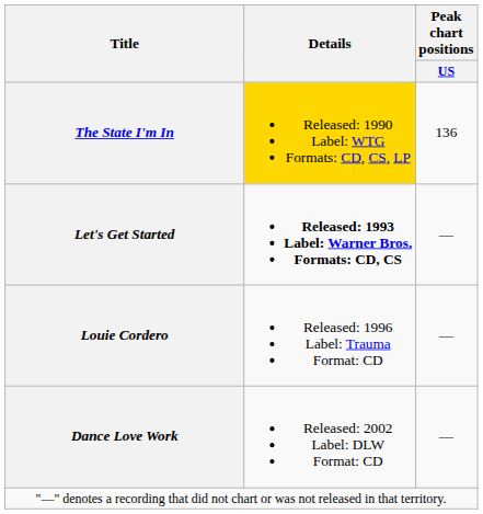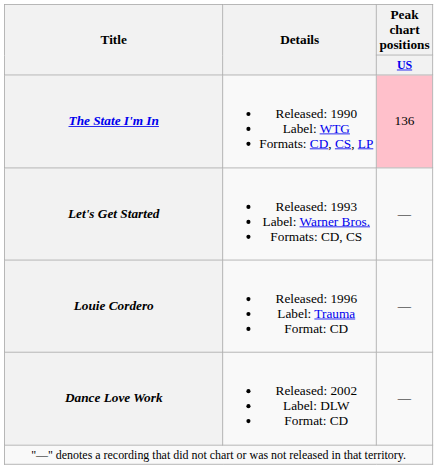 <table class="wikitable plainrowheaders" style="text-align:center;">
 <tr>
 <th scope="col" rowspan="2" style="width:16em;">Title</th>
 <th scope="col" rowspan="2">Details</th>
 <th scope="col" colspan="2">Peak chart positions</th>
 </tr>
 <tr>
 <th scope="col" style="width:2.5em;font-size:90%;"><a href='#'>US</a><br></th>
 </tr>
 <tr>
 <th scope="row"><em><a href='#'>The State I'm In</a></em></th>
-<td style="background: gold;"><br><ul><li>Released: 1990</li><li>Label: <a href='#'>WTG</a></li><li>Formats: <a href='#'>CD</a>, <a href='#'>CS</a>, <a href='#'>LP</a></li></ul></td>
-<td>136</td>
+<td><br><ul><li>Released: 1990</li><li>Label: <a href='#'>WTG</a></li><li>Formats: <a href='#'>CD</a>, <a href='#'>CS</a>, <a href='#'>LP</a></li></ul></td>
+<td style="background: pink;">136</td>
 </tr>
 <tr>
 <th scope="row"><em>Let's Get Started</em></th>
-<td><strong><br><ul><li>Released: 1993</li><li>Label: <a href='#'>Warner Bros.</a></li><li>Formats: CD, CS</li></ul></strong></td>
+<td><br><ul><li>Released: 1993</li><li>Label: <a href='#'>Warner Bros.</a></li><li>Formats: CD, CS</li></ul></td>
 <td>—</td>
 </tr>
 <tr>
 <th scope="row"><em>Louie Cordero</em><br></th>
 <td><br><ul><li>Released: 1996</li><li>Label: <a href='#'>Trauma</a></li><li>Format: CD</li></ul></td>
 <td>—</td>
 </tr>
 <tr>
 <th scope="row"><em>Dance Love Work</em></th>
 <td><br><ul><li>Released: 2002</li><li>Label: DLW</li><li>Format: CD</li></ul></td>
 <td>—</td>
 </tr>
 <tr>
 <td colspan="3" style="font-size:90%">"—" denotes a recording that did not chart or was not released in that territory.</td>
 </tr>
 </table>
